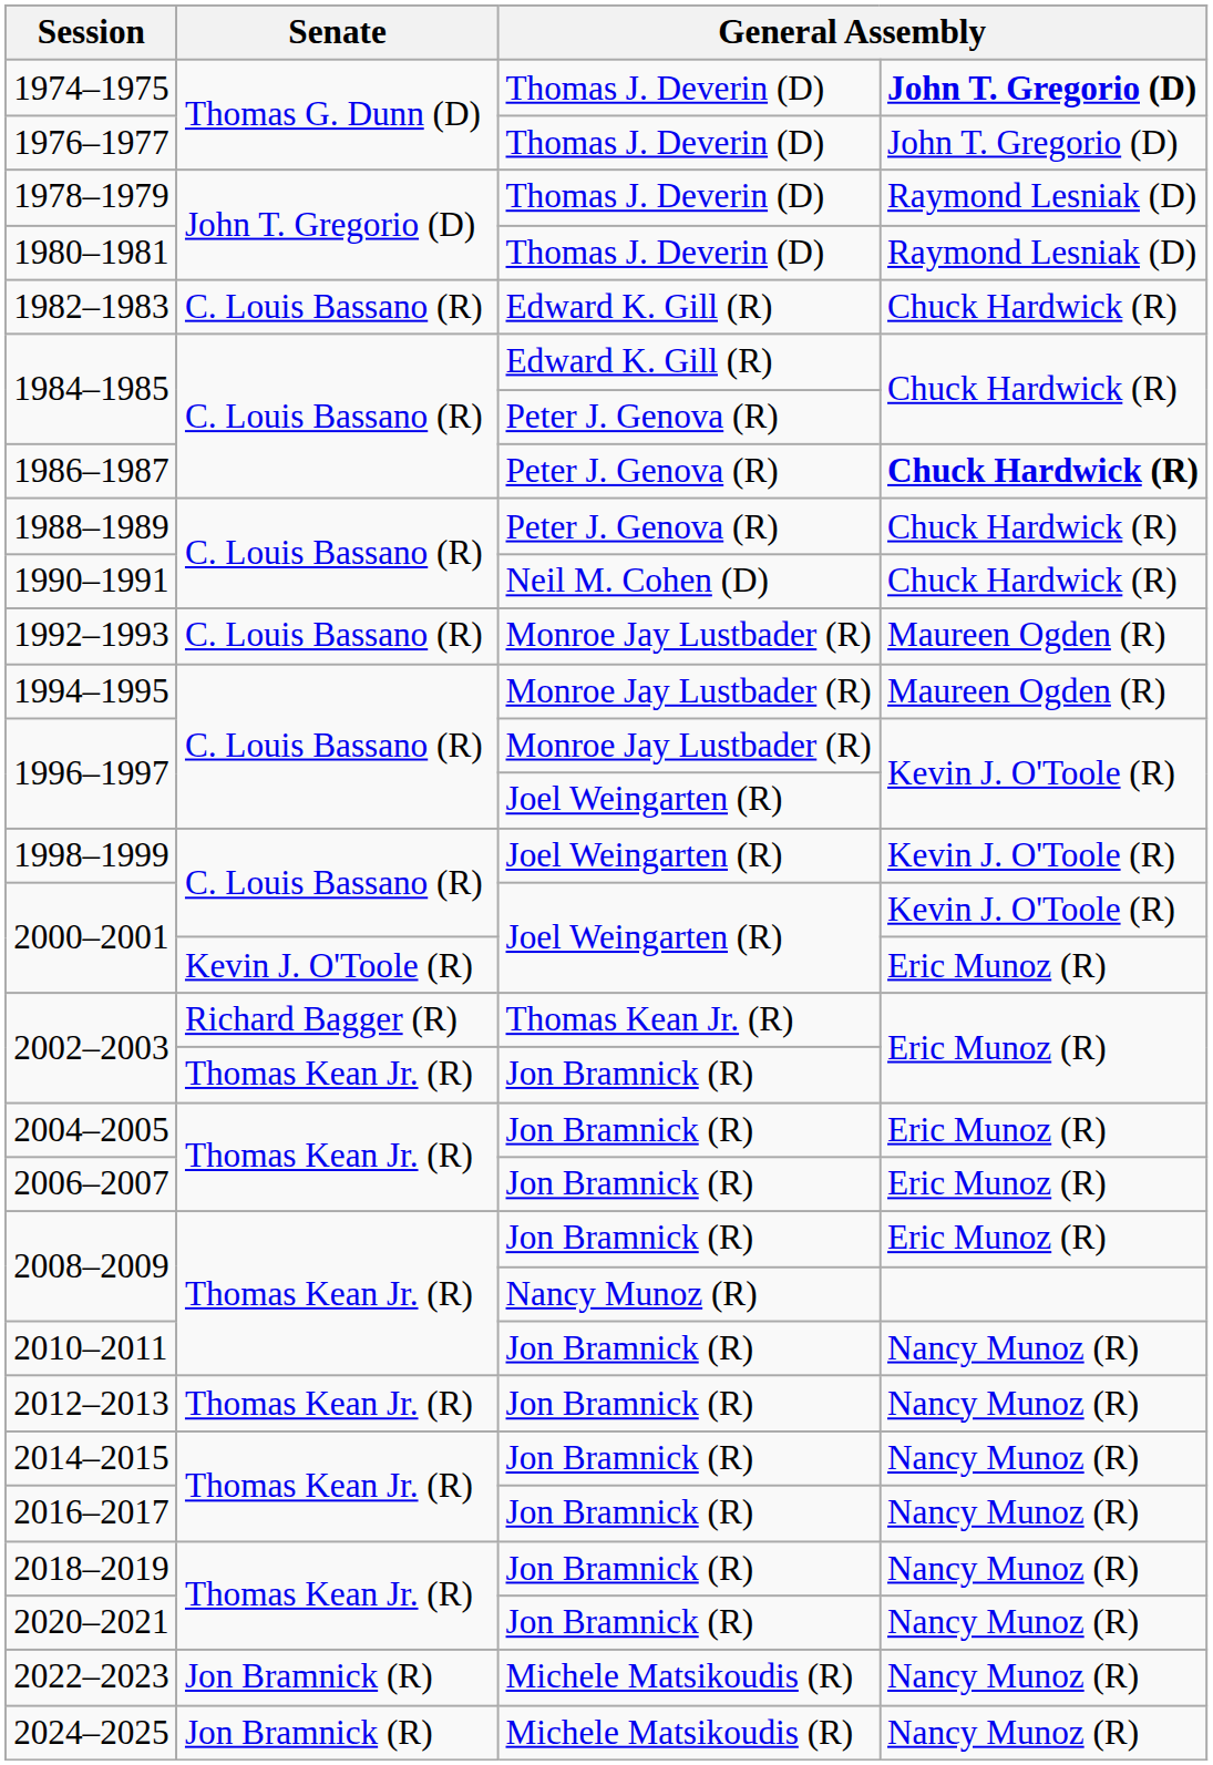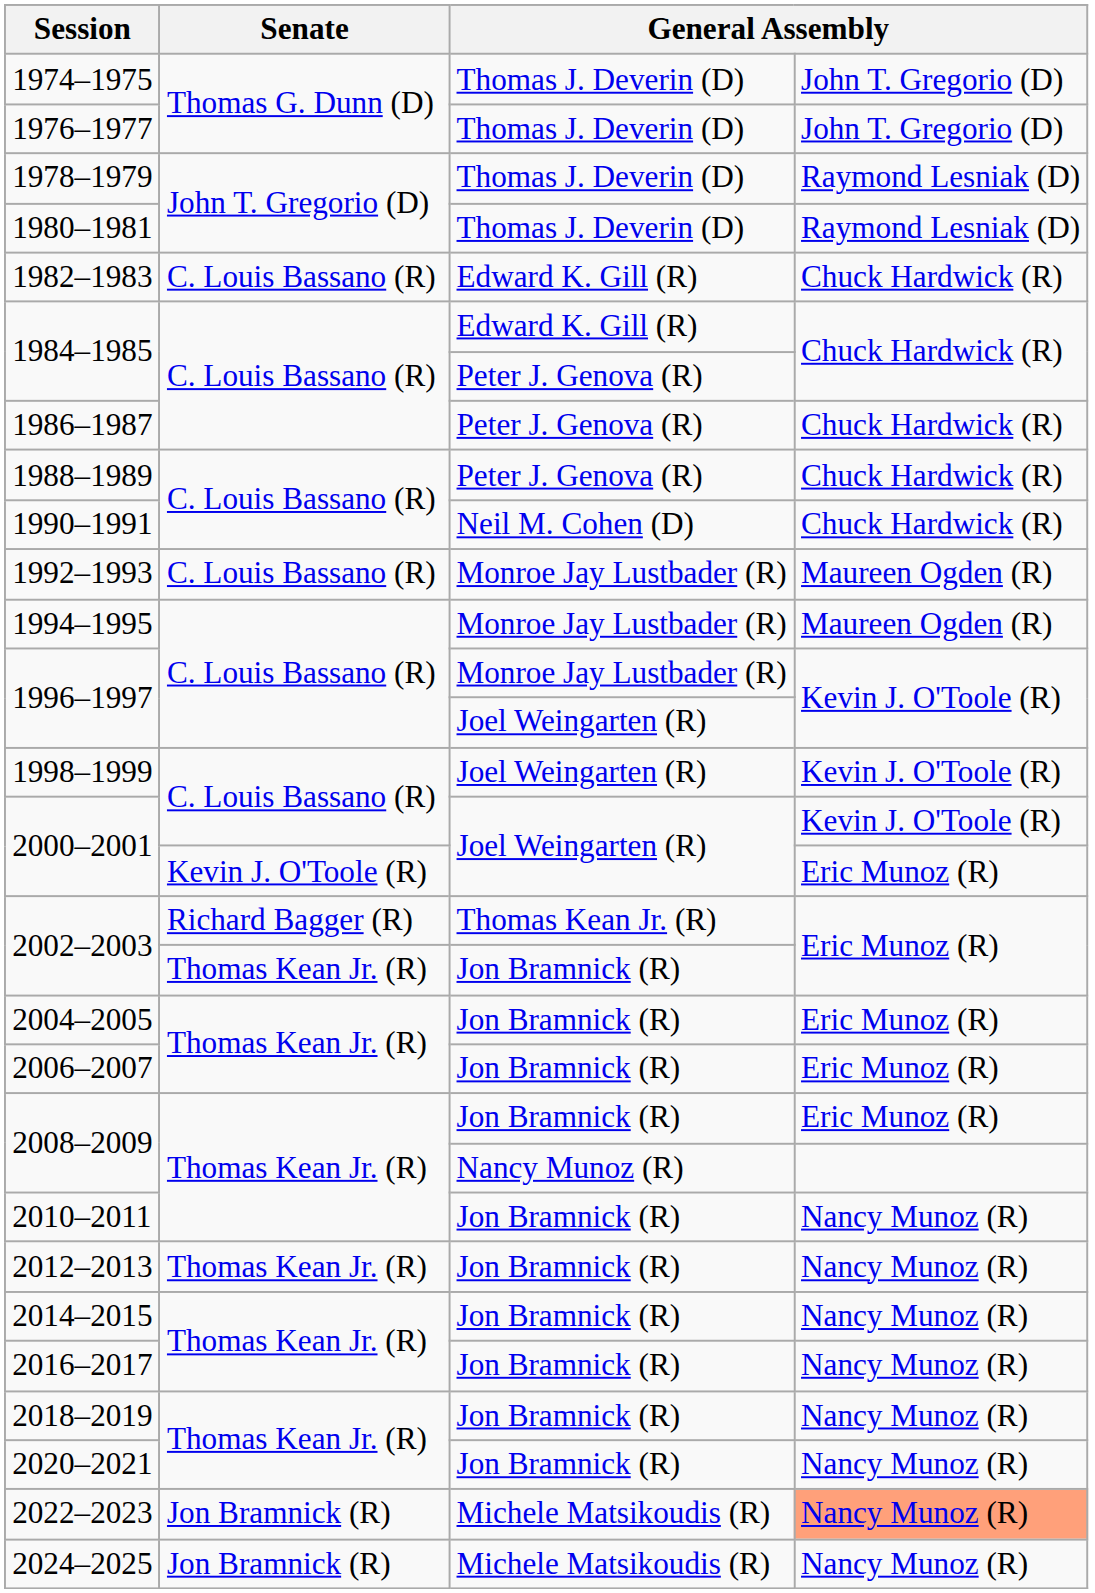 <table class="wikitable">
 <tr>
 <th>Session</th>
 <th>Senate</th>
 <th colspan=2>General Assembly</th>
 </tr>
 <tr>
 <td>1974–1975</td>
 <td rowspan=2 ><a href='#'>Thomas G. Dunn</a> (D)</td>
 <td><a href='#'>Thomas J. Deverin</a> (D)</td>
-<td><strong><a href='#'>John T. Gregorio</a> (D)</strong></td>
+<td><a href='#'>John T. Gregorio</a> (D)</td>
 </tr>
 <tr>
 <td>1976–1977</td>
 <td><a href='#'>Thomas J. Deverin</a> (D)</td>
 <td><a href='#'>John T. Gregorio</a> (D)</td>
 </tr>
 <tr>
 <td>1978–1979</td>
 <td rowspan=2 ><a href='#'>John T. Gregorio</a> (D)</td>
 <td><a href='#'>Thomas J. Deverin</a> (D)</td>
 <td><a href='#'>Raymond Lesniak</a> (D)</td>
 </tr>
 <tr>
 <td>1980–1981</td>
 <td><a href='#'>Thomas J. Deverin</a> (D)</td>
 <td><a href='#'>Raymond Lesniak</a> (D)</td>
 </tr>
 <tr>
 <td>1982–1983</td>
 <td><a href='#'>C. Louis Bassano</a> (R)</td>
 <td><a href='#'>Edward K. Gill</a> (R)</td>
 <td><a href='#'>Chuck Hardwick</a> (R)</td>
 </tr>
 <tr>
 <td rowspan=2>1984–1985</td>
 <td rowspan=3 ><a href='#'>C. Louis Bassano</a> (R)</td>
 <td><a href='#'>Edward K. Gill</a> (R)</td>
 <td rowspan=2 ><a href='#'>Chuck Hardwick</a> (R)</td>
 </tr>
 <tr>
 <td><a href='#'>Peter J. Genova</a> (R)</td>
 </tr>
 <tr>
 <td>1986–1987</td>
 <td><a href='#'>Peter J. Genova</a> (R)</td>
-<td><strong><a href='#'>Chuck Hardwick</a> (R)</strong></td>
+<td><a href='#'>Chuck Hardwick</a> (R)</td>
 </tr>
 <tr>
 <td>1988–1989</td>
 <td rowspan=2 ><a href='#'>C. Louis Bassano</a> (R)</td>
 <td><a href='#'>Peter J. Genova</a> (R)</td>
 <td><a href='#'>Chuck Hardwick</a> (R)</td>
 </tr>
 <tr>
 <td>1990–1991</td>
 <td><a href='#'>Neil M. Cohen</a> (D)</td>
 <td><a href='#'>Chuck Hardwick</a> (R)</td>
 </tr>
 <tr>
 <td>1992–1993</td>
 <td><a href='#'>C. Louis Bassano</a> (R)</td>
 <td><a href='#'>Monroe Jay Lustbader</a> (R)</td>
 <td><a href='#'>Maureen Ogden</a> (R)</td>
 </tr>
 <tr>
 <td>1994–1995</td>
 <td rowspan=3 ><a href='#'>C. Louis Bassano</a> (R)</td>
 <td><a href='#'>Monroe Jay Lustbader</a> (R)</td>
 <td><a href='#'>Maureen Ogden</a> (R)</td>
 </tr>
 <tr>
 <td rowspan=2>1996–1997</td>
 <td><a href='#'>Monroe Jay Lustbader</a> (R)</td>
 <td rowspan=2 ><a href='#'>Kevin J. O'Toole</a> (R)</td>
 </tr>
 <tr>
 <td><a href='#'>Joel Weingarten</a> (R)</td>
 </tr>
 <tr>
 <td>1998–1999</td>
 <td rowspan=2 ><a href='#'>C. Louis Bassano</a> (R)<small> </small><br></td>
 <td><a href='#'>Joel Weingarten</a> (R)</td>
 <td><a href='#'>Kevin J. O'Toole</a> (R)</td>
 </tr>
 <tr>
 <td rowspan=2>2000–2001</td>
 <td rowspan=2 ><a href='#'>Joel Weingarten</a> (R)</td>
 <td><a href='#'>Kevin J. O'Toole</a> (R)</td>
 </tr>
 <tr>
 <td><a href='#'>Kevin J. O'Toole</a> (R)</td>
 <td><a href='#'>Eric Munoz</a> (R)</td>
 </tr>
 <tr>
 <td rowspan=2>2002–2003</td>
 <td><a href='#'>Richard Bagger</a> (R)</td>
 <td><a href='#'>Thomas Kean Jr.</a> (R)</td>
 <td rowspan=2 ><a href='#'>Eric Munoz</a> (R)</td>
 </tr>
 <tr>
 <td><a href='#'>Thomas Kean Jr.</a> (R)</td>
 <td><a href='#'>Jon Bramnick</a> (R)</td>
 </tr>
 <tr>
 <td>2004–2005</td>
 <td rowspan=2 ><a href='#'>Thomas Kean Jr.</a> (R)</td>
 <td><a href='#'>Jon Bramnick</a> (R)</td>
 <td><a href='#'>Eric Munoz</a> (R)</td>
 </tr>
 <tr>
 <td>2006–2007</td>
 <td><a href='#'>Jon Bramnick</a> (R)</td>
 <td><a href='#'>Eric Munoz</a> (R)</td>
 </tr>
 <tr>
 <td rowspan=2>2008–2009</td>
 <td rowspan=3 ><a href='#'>Thomas Kean Jr.</a> (R)</td>
 <td><a href='#'>Jon Bramnick</a> (R)</td>
 <td><a href='#'>Eric Munoz</a> (R)</td>
 </tr>
 <tr>
 <td><a href='#'>Nancy Munoz</a> (R)</td>
 </tr>
 <tr>
 <td>2010–2011</td>
 <td><a href='#'>Jon Bramnick</a> (R)</td>
 <td><a href='#'>Nancy Munoz</a> (R)</td>
 </tr>
 <tr>
 <td>2012–2013</td>
 <td><a href='#'>Thomas Kean Jr.</a> (R)</td>
 <td><a href='#'>Jon Bramnick</a> (R)</td>
 <td><a href='#'>Nancy Munoz</a> (R)</td>
 </tr>
 <tr>
 <td>2014–2015</td>
 <td rowspan=2 ><a href='#'>Thomas Kean Jr.</a> (R)</td>
 <td><a href='#'>Jon Bramnick</a> (R)</td>
 <td><a href='#'>Nancy Munoz</a> (R)</td>
 </tr>
 <tr>
 <td>2016–2017</td>
 <td><a href='#'>Jon Bramnick</a> (R)</td>
 <td><a href='#'>Nancy Munoz</a> (R)</td>
 </tr>
 <tr>
 <td>2018–2019</td>
 <td rowspan=2 ><a href='#'>Thomas Kean Jr.</a> (R)</td>
 <td><a href='#'>Jon Bramnick</a> (R)</td>
 <td><a href='#'>Nancy Munoz</a> (R)</td>
 </tr>
 <tr>
 <td>2020–2021</td>
 <td><a href='#'>Jon Bramnick</a> (R)</td>
 <td><a href='#'>Nancy Munoz</a> (R)</td>
 </tr>
 <tr>
 <td>2022–2023</td>
 <td><a href='#'>Jon Bramnick</a> (R)</td>
 <td><a href='#'>Michele Matsikoudis</a> (R)</td>
-<td><a href='#'>Nancy Munoz</a> (R)</td>
+<td style="background: lightsalmon;"><a href='#'>Nancy Munoz</a> (R)</td>
 </tr>
 <tr>
 <td>2024–2025</td>
 <td><a href='#'>Jon Bramnick</a> (R)</td>
 <td><a href='#'>Michele Matsikoudis</a> (R)</td>
 <td><a href='#'>Nancy Munoz</a> (R)</td>
 </tr>
 </table>
